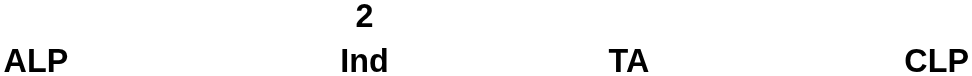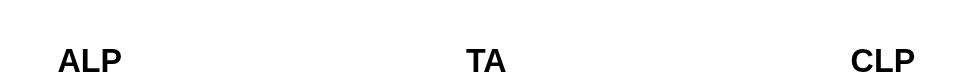 <table style="width:50%; text-align:center;">
 <tr style="color:white;">
 <td style="color:white; background:"><strong>14</strong></td>
-<td style="color:black; background:"><strong>2</strong></td>
 <td style="background:"><strong>1</strong></td>
 <td style="background:"><strong>8</strong></td>
 </tr>
 <tr>
 <td><span><strong>ALP</strong></span></td>
-<td><span><strong>Ind</strong></span></td>
 <td><span><strong>TA</strong></span></td>
 <td><span><strong>CLP</strong></span></td>
 </tr>
 </table>
